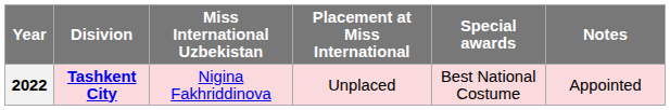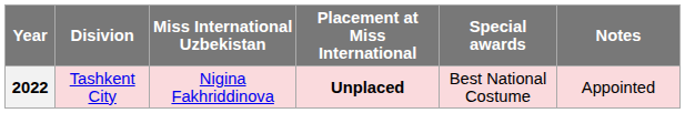 <table class="wikitable" style="font-size: 92%; text-align:center">
 <tr>
 <th width="60" style="background-color:#787878;color:#FFFFFF;">Year</th>
 <th width="150" style="background-color:#787878;color:#FFFFFF;">Disivion</th>
 <th width="250" style="background-color:#787878;color:#FFFFFF;">Miss International Uzbekistan</th>
 <th width="250" style="background-color:#787878;color:#FFFFFF;">Placement at Miss International</th>
 <th width="250" style="background-color:#787878;color:#FFFFFF;">Special awards</th>
 <th width="250" style="background-color:#787878;color:#FFFFFF;">Notes</th>
 </tr>
 <tr>
 </tr>
 <tr style="background-color:#FADADD;">
 <th>2022</th>
-<td><strong><a href='#'>Tashkent City</a></strong></td>
+<td><a href='#'>Tashkent City</a></td>
 <td><a href='#'>Nigina Fakhriddinova</a></td>
-<td>Unplaced</td>
+<td><strong>Unplaced</strong></td>
 <td>Best National Costume</td>
 <td>Appointed</td>
 </tr>
 <tr>
 </tr>
 </table>
